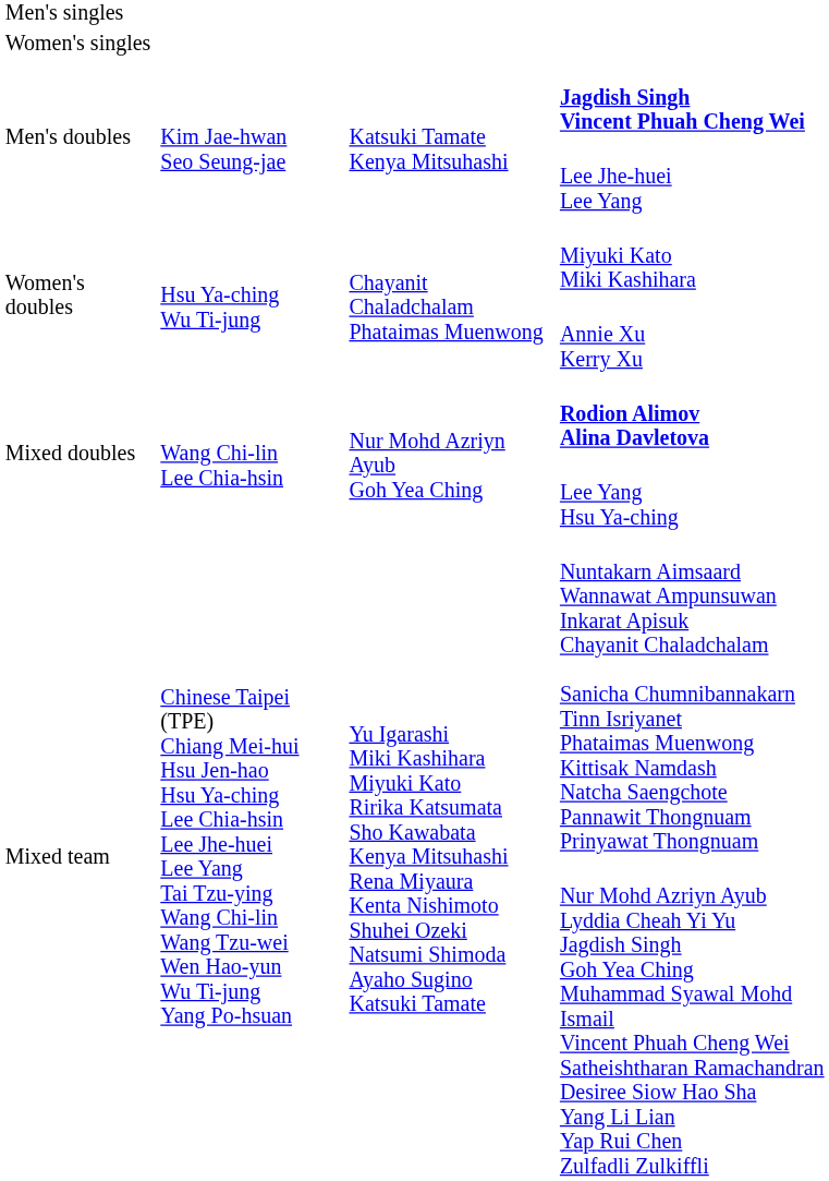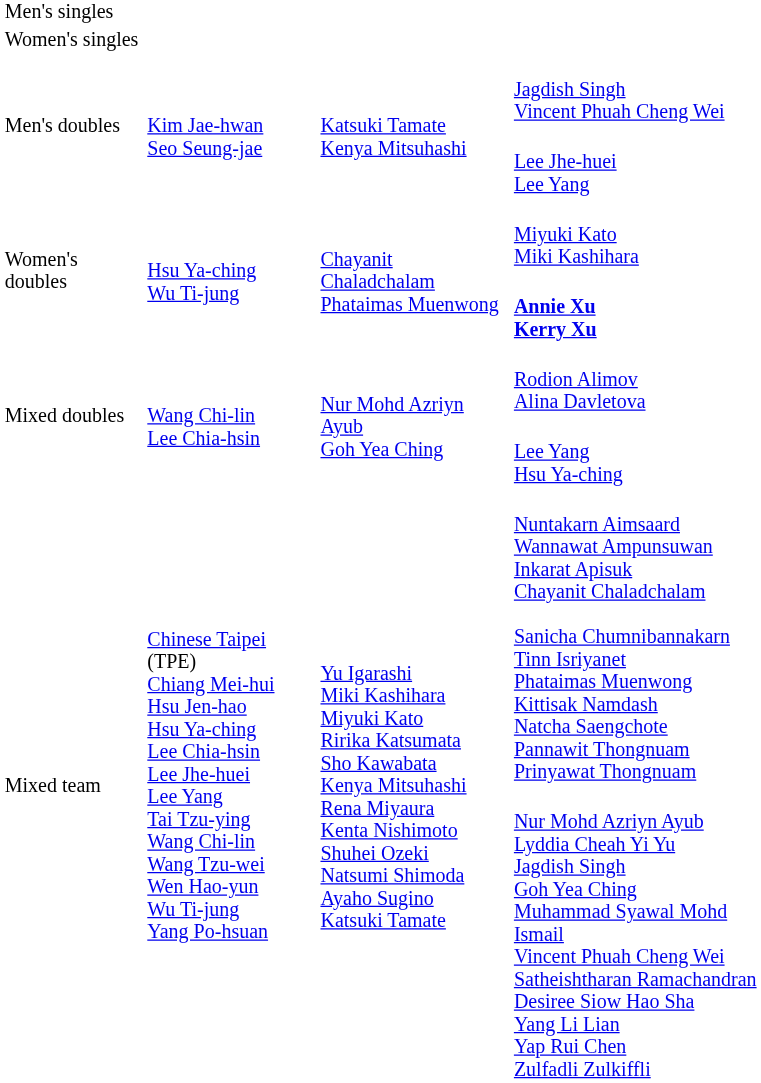 <table>
 <tr>
 <td rowspan=2>Men's singles<br></td>
 <td rowspan=2></td>
 <td rowspan=2></td>
 <td></td>
 </tr>
 <tr>
 <td></td>
 </tr>
 <tr>
 <td rowspan=2>Women's singles<br></td>
 <td rowspan=2></td>
 <td rowspan=2></td>
 <td></td>
 </tr>
 <tr>
 <td></td>
 </tr>
 <tr>
 <td rowspan=2>Men's doubles<br></td>
 <td rowspan=2><br><a href='#'>Kim Jae-hwan</a><br><a href='#'>Seo Seung-jae</a></td>
 <td rowspan=2><br><a href='#'>Katsuki Tamate</a><br><a href='#'>Kenya Mitsuhashi</a></td>
-<td><strong><br><a href='#'>Jagdish Singh</a><br><a href='#'>Vincent Phuah Cheng Wei</a></strong></td>
+<td><br><a href='#'>Jagdish Singh</a><br><a href='#'>Vincent Phuah Cheng Wei</a></td>
 </tr>
 <tr>
 <td><br><a href='#'>Lee Jhe-huei</a><br><a href='#'>Lee Yang</a></td>
 </tr>
 <tr>
 <td rowspan=2>Women's doubles<br></td>
 <td rowspan=2><br><a href='#'>Hsu Ya-ching</a><br><a href='#'>Wu Ti-jung</a></td>
 <td rowspan=2><br><a href='#'>Chayanit Chaladchalam</a><br><a href='#'>Phataimas Muenwong</a></td>
 <td> <br><a href='#'>Miyuki Kato</a><br><a href='#'>Miki Kashihara</a></td>
 </tr>
 <tr>
-<td> <br><a href='#'>Annie Xu</a><br><a href='#'>Kerry Xu</a></td>
+<td><strong> <br><a href='#'>Annie Xu</a><br><a href='#'>Kerry Xu</a></strong></td>
 </tr>
 <tr>
 <td rowspan=2>Mixed doubles<br></td>
 <td rowspan=2><br><a href='#'>Wang Chi-lin</a><br><a href='#'>Lee Chia-hsin</a></td>
 <td rowspan=2><br><a href='#'>Nur Mohd Azriyn Ayub</a><br><a href='#'>Goh Yea Ching</a></td>
-<td><strong><br><a href='#'>Rodion Alimov</a><br><a href='#'>Alina Davletova</a></strong></td>
+<td><br><a href='#'>Rodion Alimov</a><br><a href='#'>Alina Davletova</a></td>
 </tr>
 <tr>
 <td><br><a href='#'>Lee Yang</a><br><a href='#'>Hsu Ya-ching</a></td>
 </tr>
 <tr>
 <td rowspan=2>Mixed team<br></td>
 <td rowspan=2> <a href='#'>Chinese Taipei</a> (TPE)<br><a href='#'>Chiang Mei-hui</a><br><a href='#'>Hsu Jen-hao</a><br><a href='#'>Hsu Ya-ching</a><br><a href='#'>Lee Chia-hsin</a><br><a href='#'>Lee Jhe-huei</a><br><a href='#'>Lee Yang</a><br><a href='#'>Tai Tzu-ying</a><br><a href='#'>Wang Chi-lin</a><br><a href='#'>Wang Tzu-wei</a><br><a href='#'>Wen Hao-yun</a><br><a href='#'>Wu Ti-jung</a><br><a href='#'>Yang Po-hsuan</a></td>
 <td rowspan=2><br><a href='#'>Yu Igarashi</a><br><a href='#'>Miki Kashihara</a><br><a href='#'>Miyuki Kato</a><br><a href='#'>Ririka Katsumata</a><br><a href='#'>Sho Kawabata</a><br><a href='#'>Kenya Mitsuhashi</a><br><a href='#'>Rena Miyaura</a><br><a href='#'>Kenta Nishimoto</a><br><a href='#'>Shuhei Ozeki</a><br><a href='#'>Natsumi Shimoda</a><br><a href='#'>Ayaho Sugino</a><br><a href='#'>Katsuki Tamate</a></td>
 <td><br><a href='#'>Nuntakarn Aimsaard</a><br><a href='#'>Wannawat Ampunsuwan</a><br><a href='#'>Inkarat Apisuk</a><br><a href='#'>Chayanit Chaladchalam</a><br><br><a href='#'>Sanicha Chumnibannakarn</a><br><a href='#'>Tinn Isriyanet</a><br><a href='#'>Phataimas Muenwong</a><br><a href='#'>Kittisak Namdash</a><br><a href='#'>Natcha Saengchote</a><br><a href='#'>Pannawit Thongnuam</a><br><a href='#'>Prinyawat Thongnuam</a></td>
 </tr>
 <tr>
 <td><br><a href='#'>Nur Mohd Azriyn Ayub</a><br><a href='#'>Lyddia Cheah Yi Yu</a><br><a href='#'>Jagdish Singh</a><br><a href='#'>Goh Yea Ching</a><br><a href='#'>Muhammad Syawal Mohd Ismail</a><br><a href='#'>Vincent Phuah Cheng Wei</a><br><a href='#'>Satheishtharan Ramachandran</a><br><a href='#'>Desiree Siow Hao Sha</a><br><a href='#'>Yang Li Lian</a><br><a href='#'>Yap Rui Chen</a><br><a href='#'>Zulfadli Zulkiffli</a></td>
 </tr>
 <tr>
 </tr>
 </table>
